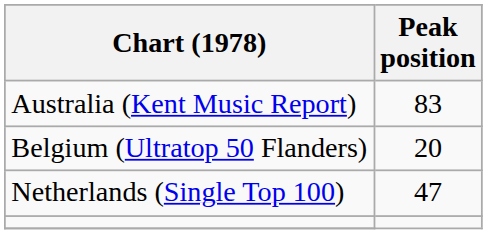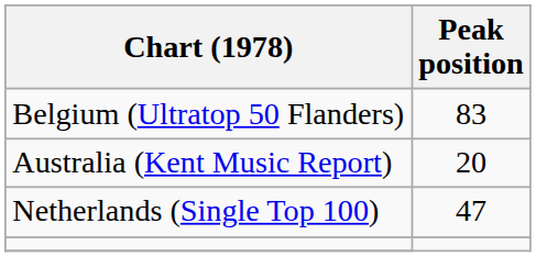 <table class="wikitable">
 <tr>
 <th>Chart (1978)</th>
 <th>Peak<br>position</th>
 </tr>
 <tr>
-<td>Australia (<a href='#'>Kent Music Report</a>)</td>
+<td>Belgium (<a href='#'>Ultratop 50</a> Flanders)</td>
 <td align="center">83</td>
 </tr>
 <tr>
-<td>Belgium (<a href='#'>Ultratop 50</a> Flanders)</td>
+<td>Australia (<a href='#'>Kent Music Report</a>)</td>
 <td align="center">20</td>
 </tr>
 <tr>
 <td>Netherlands (<a href='#'>Single Top 100</a>)</td>
 <td align="center">47</td>
 </tr>
 <tr>
 <td></td>
 </tr>
 <tr>
 </tr>
 </table>
